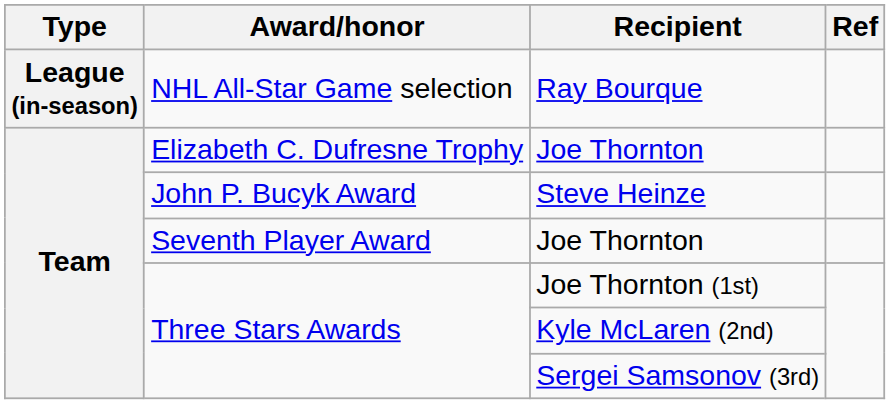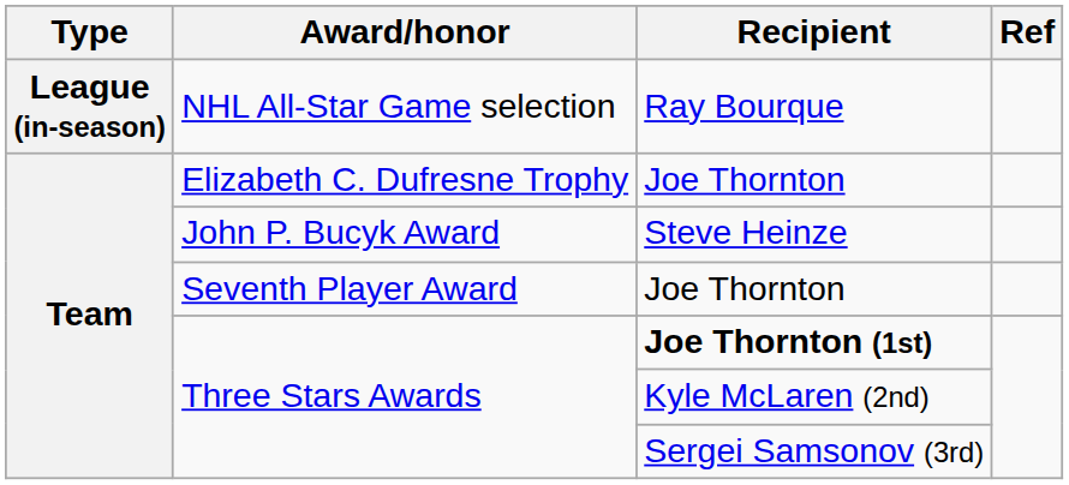 <table class="wikitable">
 <tr>
 <th scope="col">Type</th>
 <th scope="col">Award/honor</th>
 <th scope="col">Recipient</th>
 <th scope="col">Ref</th>
 </tr>
 <tr>
 <th scope="row">League<br><small>(in-season)</small></th>
 <td><a href='#'>NHL All-Star Game</a> selection</td>
 <td><a href='#'>Ray Bourque</a></td>
 <td></td>
 </tr>
 <tr>
 <th scope="row" rowspan="6">Team<br></th>
 <td><a href='#'>Elizabeth C. Dufresne Trophy</a></td>
 <td><a href='#'>Joe Thornton</a></td>
 <td></td>
 </tr>
 <tr>
 <td><a href='#'>John P. Bucyk Award</a></td>
 <td><a href='#'>Steve Heinze</a></td>
 <td></td>
 </tr>
 <tr>
 <td><a href='#'>Seventh Player Award</a></td>
 <td>Joe Thornton</td>
 <td></td>
 </tr>
 <tr>
 <td rowspan="3"><a href='#'>Three Stars Awards</a></td>
-<td>Joe Thornton <small>(1st)</small></td>
+<td><strong>Joe Thornton <small>(1st)</small></strong></td>
 <td rowspan="3"></td>
 </tr>
 <tr>
 <td><a href='#'>Kyle McLaren</a> <small>(2nd)</small></td>
 </tr>
 <tr>
 <td><a href='#'>Sergei Samsonov</a> <small>(3rd)</small></td>
 </tr>
 </table>
